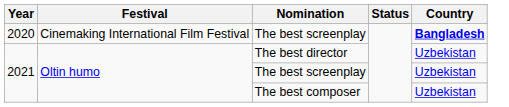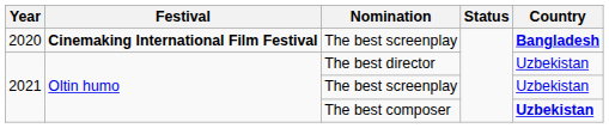 <table class="wikitable sortable">
 <tr>
 <th>Year</th>
 <th>Festival</th>
 <th>Nomination</th>
 <th>Status</th>
 <th>Country</th>
 </tr>
 <tr>
 <td>2020</td>
-<td>Cinemaking International Film Festival</td>
+<td><strong>Cinemaking International Film Festival</strong></td>
 <td>The best screenplay</td>
 <td rowspan="4"></td>
 <td><strong><a href='#'>Bangladesh</a></strong></td>
 </tr>
 <tr>
 <td rowspan="3">2021</td>
 <td rowspan="3"><a href='#'>Oltin humo</a></td>
 <td>The best director</td>
 <td><a href='#'>Uzbekistan</a></td>
 </tr>
 <tr>
 <td>The best screenplay</td>
 <td><a href='#'>Uzbekistan</a></td>
 </tr>
 <tr>
 <td>The best composer</td>
-<td><a href='#'>Uzbekistan</a></td>
+<td><strong><a href='#'>Uzbekistan</a></strong></td>
 </tr>
 </table>
